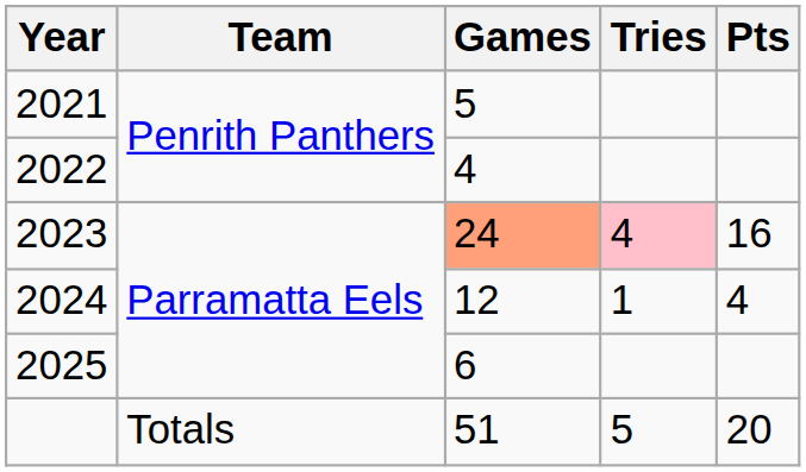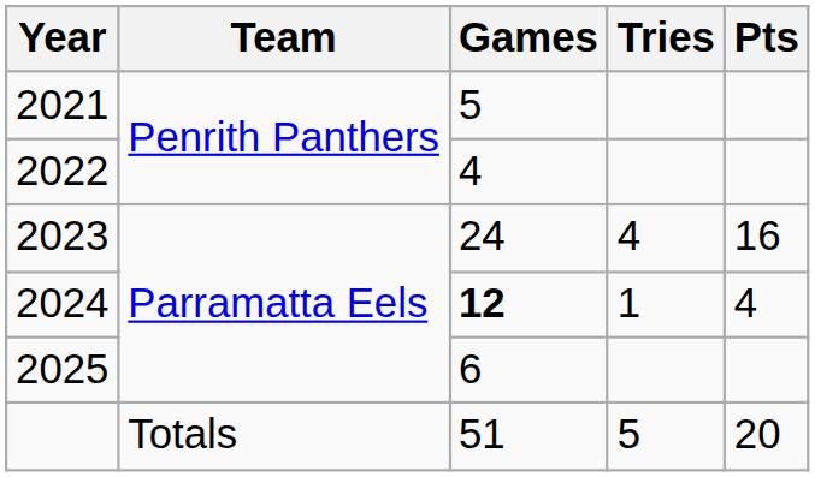 <table class="wikitable">
 <tr>
 <th>Year</th>
 <th>Team</th>
 <th>Games</th>
 <th>Tries</th>
 <th>Pts</th>
 </tr>
 <tr>
 <td>2021</td>
 <td rowspan="2"> <a href='#'>Penrith Panthers</a></td>
 <td>5</td>
 <td></td>
 <td></td>
 </tr>
 <tr>
 <td>2022</td>
 <td>4</td>
 <td></td>
 <td></td>
 </tr>
 <tr>
 <td>2023</td>
 <td rowspan="3"> <a href='#'>Parramatta Eels</a></td>
-<td style="background: lightsalmon;">24</td>
-<td style="background: pink;">4</td>
+<td>24</td>
+<td>4</td>
 <td>16</td>
 </tr>
 <tr>
 <td>2024</td>
-<td>12</td>
+<td><strong>12</strong></td>
 <td>1</td>
 <td>4</td>
 </tr>
 <tr>
 <td>2025</td>
 <td>6</td>
 <td></td>
 <td></td>
 </tr>
 <tr>
 <td></td>
 <td>Totals</td>
 <td>51</td>
 <td>5</td>
 <td>20</td>
 </tr>
 </table>
